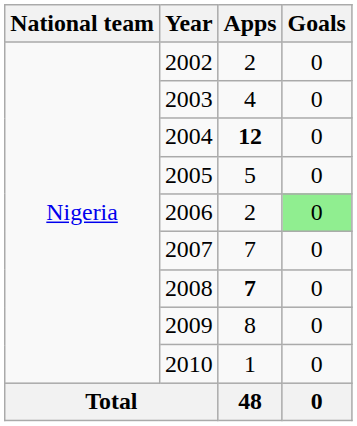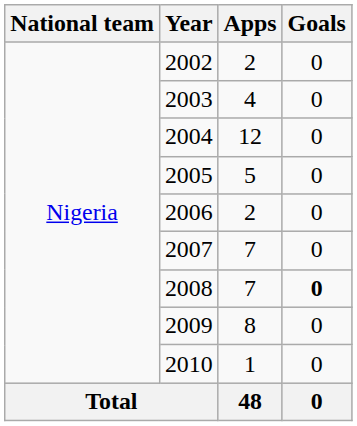 <table class=wikitable style="text-align: center">
 <tr>
 <th>National team</th>
 <th>Year</th>
 <th>Apps</th>
 <th>Goals</th>
 </tr>
 <tr>
 <td rowspan=9><a href='#'>Nigeria</a></td>
 <td>2002</td>
 <td>2</td>
 <td>0</td>
 </tr>
 <tr>
 <td>2003</td>
 <td>4</td>
 <td>0</td>
 </tr>
 <tr>
 <td>2004</td>
-<td><strong>12</strong></td>
+<td>12</td>
 <td>0</td>
 </tr>
 <tr>
 <td>2005</td>
 <td>5</td>
 <td>0</td>
 </tr>
 <tr>
 <td>2006</td>
 <td>2</td>
-<td style="background: lightgreen;">0</td>
+<td>0</td>
 </tr>
 <tr>
 <td>2007</td>
 <td>7</td>
 <td>0</td>
 </tr>
 <tr>
 <td>2008</td>
-<td><strong>7</strong></td>
-<td>0</td>
+<td>7</td>
+<td><strong>0</strong></td>
 </tr>
 <tr>
 <td>2009</td>
 <td>8</td>
 <td>0</td>
 </tr>
 <tr>
 <td>2010</td>
 <td>1</td>
 <td>0</td>
 </tr>
 <tr>
 <th colspan=2>Total</th>
 <th>48</th>
 <th>0</th>
 </tr>
 </table>
